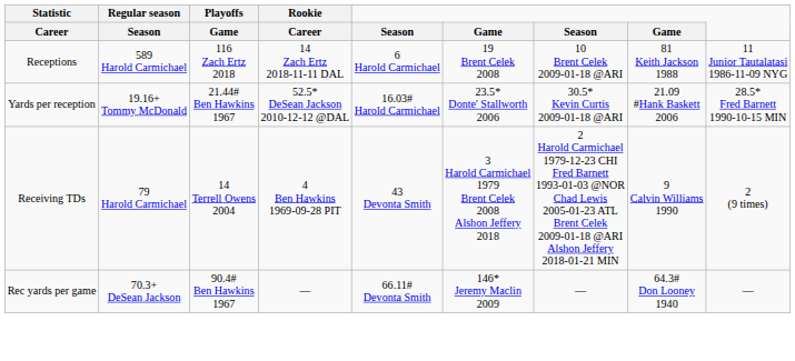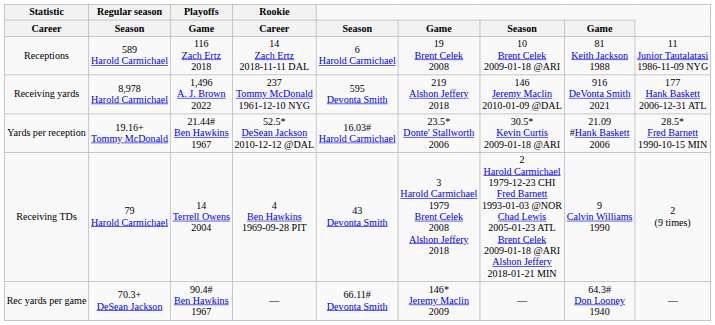 <table class="wikitable" style="text-align:center">
 <tr>
 <th>Statistic</th>
 <th>Regular season</th>
 <th>Playoffs</th>
 <th>Rookie</th>
 </tr>
 <tr>
 <th>Career</th>
 <th>Season</th>
 <th>Game</th>
 <th>Career</th>
 <th>Season</th>
 <th>Game</th>
 <th>Season</th>
 <th>Game</th>
 </tr>
 <tr>
 <td>Receptions</td>
 <td>589<br><a href='#'>Harold Carmichael</a></td>
 <td>116<br><a href='#'>Zach Ertz</a><br>2018</td>
 <td>14<br><a href='#'>Zach Ertz</a><br>2018-11-11 DAL</td>
 <td>6<br><a href='#'>Harold Carmichael</a></td>
 <td>19<br><a href='#'>Brent Celek</a><br>2008</td>
 <td>10<br><a href='#'>Brent Celek</a><br>2009-01-18 @ARI</td>
 <td>81<br><a href='#'>Keith Jackson</a><br>1988</td>
 <td>11<br><a href='#'>Junior Tautalatasi</a><br>1986-11-09 NYG</td>
+</tr>
+<tr>
+<td>Receiving yards</td>
+<td>8,978<br><a href='#'>Harold Carmichael</a></td>
+<td>1,496<br><a href='#'>A. J. Brown</a><br>2022</td>
+<td>237<br><a href='#'>Tommy McDonald</a><br>1961-12-10 NYG</td>
+<td>595<br><a href='#'>Devonta Smith</a></td>
+<td>219<br><a href='#'>Alshon Jeffery</a><br>2018</td>
+<td>146<br><a href='#'>Jeremy Maclin</a><br>2010-01-09 @DAL</td>
+<td>916<br><a href='#'>DeVonta Smith</a><br>2021</td>
+<td>177<br><a href='#'>Hank Baskett</a><br>2006-12-31 ATL</td>
 </tr>
 <tr>
 <td>Yards per reception</td>
 <td>19.16+<br><a href='#'>Tommy McDonald</a></td>
 <td>21.44#<br><a href='#'>Ben Hawkins</a><br>1967</td>
 <td>52.5*<br><a href='#'>DeSean Jackson</a><br>2010-12-12 @DAL</td>
 <td>16.03#<br><a href='#'>Harold Carmichael</a></td>
 <td>23.5*<br><a href='#'>Donte' Stallworth</a><br>2006</td>
 <td>30.5*<br><a href='#'>Kevin Curtis</a><br>2009-01-18 @ARI</td>
 <td>21.09<br>#<a href='#'>Hank Baskett</a><br>2006</td>
 <td>28.5*<br><a href='#'>Fred Barnett</a><br>1990-10-15 MIN</td>
 </tr>
 <tr>
 <td>Receiving TDs</td>
 <td>79<br><a href='#'>Harold Carmichael</a></td>
 <td>14<br><a href='#'>Terrell Owens</a><br>2004</td>
 <td>4<br><a href='#'>Ben Hawkins</a><br>1969-09-28 PIT</td>
 <td>43<br><a href='#'>Devonta Smith</a></td>
 <td>3<br><a href='#'>Harold Carmichael</a><br>1979<br><a href='#'>Brent Celek</a><br>2008<br><a href='#'>Alshon Jeffery</a><br>2018</td>
 <td>2<br><a href='#'>Harold Carmichael</a><br>1979-12-23 CHI<br><a href='#'>Fred Barnett</a><br>1993-01-03 @NOR<br><a href='#'>Chad Lewis</a><br>2005-01-23 ATL<br><a href='#'>Brent Celek</a><br>2009-01-18 @ARI<br><a href='#'>Alshon Jeffery</a><br>2018-01-21 MIN</td>
 <td>9<br><a href='#'>Calvin Williams</a><br>1990</td>
 <td>2<br>(9 times)</td>
 </tr>
 <tr>
 <td>Rec yards per game</td>
 <td>70.3+<br><a href='#'>DeSean Jackson</a></td>
 <td>90.4#<br><a href='#'>Ben Hawkins</a><br>1967</td>
 <td>—</td>
 <td>66.11#<br><a href='#'>Devonta Smith</a></td>
 <td>146*<br><a href='#'>Jeremy Maclin</a><br>2009</td>
 <td>—</td>
 <td>64.3#<br><a href='#'>Don Looney</a><br>1940</td>
 <td>—</td>
 </tr>
 </table>
